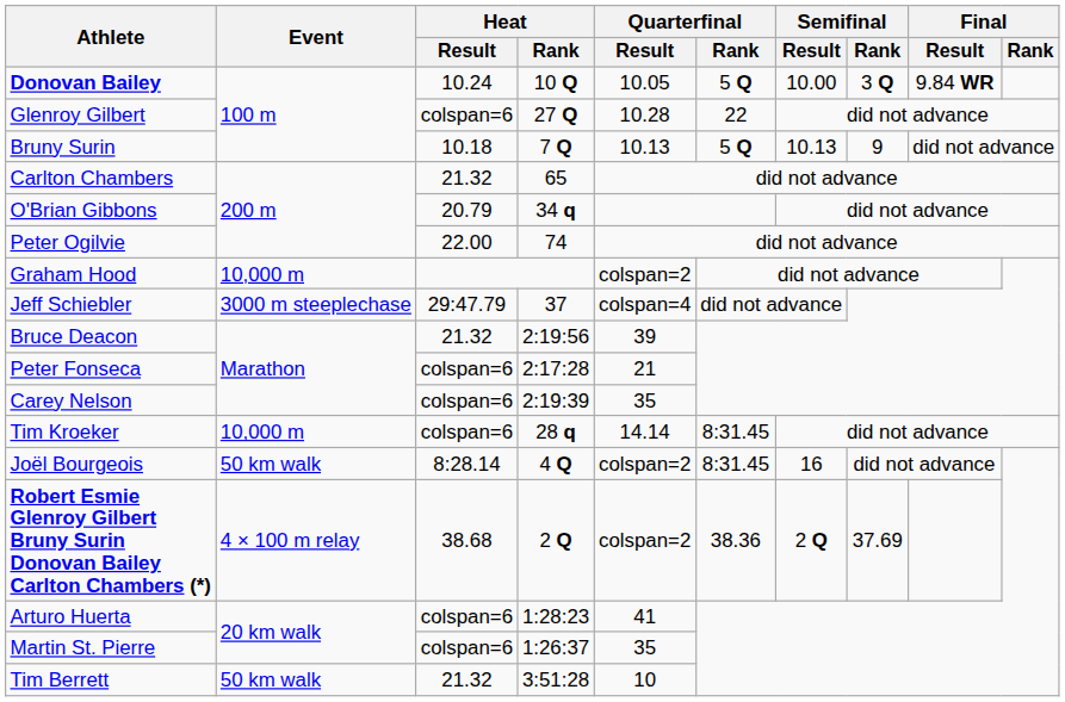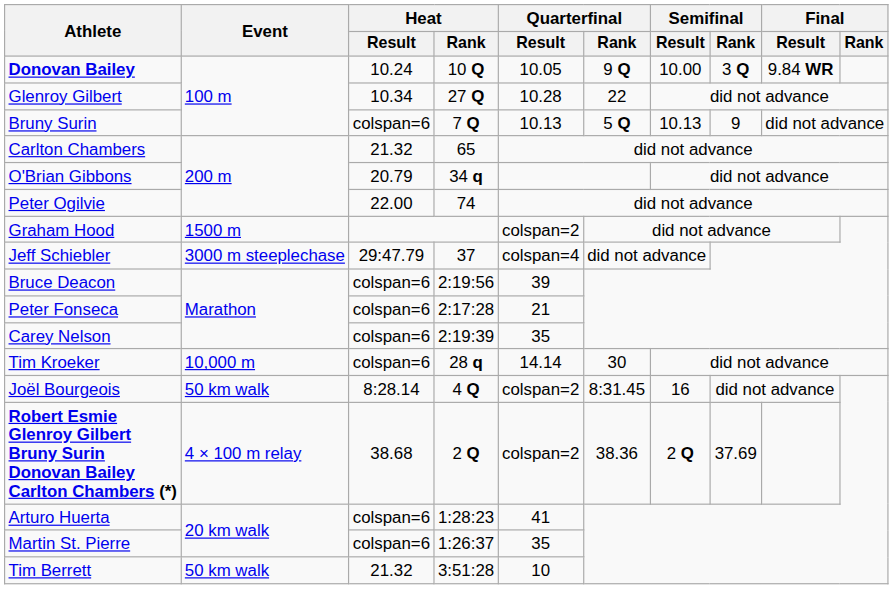 <table class="wikitable" style="font-size:90%">
 <tr>
 <th rowspan="2">Athlete</th>
 <th rowspan="2">Event</th>
 <th colspan="2">Heat</th>
 <th colspan="2">Quarterfinal</th>
 <th colspan="2">Semifinal</th>
 <th colspan="2">Final</th>
 </tr>
 <tr style="font-size:95%">
 <th>Result</th>
 <th>Rank</th>
 <th>Result</th>
 <th>Rank</th>
 <th>Result</th>
 <th>Rank</th>
 <th>Result</th>
 <th>Rank</th>
 </tr>
 <tr align=center>
 <td align=left><strong><a href='#'>Donovan Bailey</a></strong></td>
 <td rowspan=3 align=left><a href='#'>100 m</a></td>
 <td>10.24</td>
 <td>10 <strong>Q</strong></td>
 <td>10.05</td>
-<td>5 <strong>Q</strong></td>
+<td>9 <strong>Q</strong></td>
 <td>10.00</td>
 <td>3 <strong>Q</strong></td>
 <td>9.84 <strong>WR</strong></td>
 <td></td>
 </tr>
 <tr align=center>
 <td align=left><a href='#'>Glenroy Gilbert</a></td>
-<td>colspan=6 </td>
+<td>10.34</td>
 <td>27 <strong>Q</strong></td>
 <td>10.28</td>
 <td>22</td>
 <td colspan=4>did not advance</td>
 </tr>
 <tr align=center>
 <td align=left><a href='#'>Bruny Surin</a></td>
-<td>10.18</td>
+<td>colspan=6 </td>
 <td>7 <strong>Q</strong></td>
 <td>10.13</td>
 <td>5 <strong>Q</strong></td>
 <td>10.13</td>
 <td>9</td>
 <td colspan=2>did not advance</td>
 </tr>
 <tr align=center>
 <td align=left><a href='#'>Carlton Chambers</a></td>
 <td rowspan=3 align=left><a href='#'>200 m</a></td>
 <td>21.32</td>
 <td>65</td>
 <td colspan=6>did not advance</td>
 </tr>
 <tr align=center>
 <td align=left><a href='#'>O'Brian Gibbons</a></td>
 <td>20.79</td>
 <td>34 <strong>q</strong></td>
 <td colspan=2></td>
 <td colspan=4>did not advance</td>
 </tr>
 <tr align=center>
 <td align=left><a href='#'>Peter Ogilvie</a></td>
 <td>22.00</td>
 <td>74</td>
 <td colspan=6>did not advance</td>
 </tr>
 <tr align=center>
 <td align=left><a href='#'>Graham Hood</a></td>
-<td align=left><a href='#'>10,000 m</a></td>
+<td align=left><a href='#'>1500 m</a></td>
 <td colspan=2></td>
 <td>colspan=2 </td>
 <td colspan=4>did not advance</td>
 </tr>
 <tr align=center>
 <td align=left><a href='#'>Jeff Schiebler</a></td>
 <td align=left><a href='#'>3000 m steeplechase</a></td>
 <td>29:47.79</td>
 <td>37</td>
 <td>colspan=4 </td>
 <td colspan=2>did not advance</td>
 </tr>
 <tr align=center>
 <td align=left><a href='#'>Bruce Deacon</a></td>
 <td rowspan=3 align=left><a href='#'>Marathon</a></td>
-<td>21.32</td>
+<td>colspan=6 </td>
 <td>2:19:56</td>
 <td>39</td>
 </tr>
 <tr align=center>
 <td align=left><a href='#'>Peter Fonseca</a></td>
 <td>colspan=6 </td>
 <td>2:17:28</td>
 <td>21</td>
 </tr>
 <tr align=center>
 <td align=left><a href='#'>Carey Nelson</a></td>
 <td>colspan=6 </td>
 <td>2:19:39</td>
 <td>35</td>
 </tr>
 <tr align=center>
 <td align=left><a href='#'>Tim Kroeker</a></td>
 <td align=left><a href='#'>10,000 m</a></td>
 <td>colspan=6 </td>
 <td>28 <strong>q</strong></td>
 <td>14.14</td>
-<td>8:31.45</td>
+<td>30</td>
 <td colspan=4>did not advance</td>
 </tr>
 <tr align=center>
 <td align=left><a href='#'>Joël Bourgeois</a></td>
 <td align=left><a href='#'>50 km walk</a></td>
 <td>8:28.14</td>
 <td>4 <strong>Q</strong></td>
 <td>colspan=2 </td>
 <td>8:31.45</td>
 <td>16</td>
 <td colspan=2>did not advance</td>
 </tr>
 <tr align=center>
 <td align=left><strong><a href='#'>Robert Esmie</a><br><a href='#'>Glenroy Gilbert</a><br><a href='#'>Bruny Surin</a><br><a href='#'>Donovan Bailey</a><br><a href='#'>Carlton Chambers</a> (*)</strong></td>
 <td align=left><a href='#'>4 × 100 m relay</a></td>
 <td>38.68</td>
 <td>2 <strong>Q</strong></td>
 <td>colspan=2 </td>
 <td>38.36</td>
 <td>2 <strong>Q</strong></td>
 <td>37.69</td>
 <td></td>
 </tr>
 <tr align=center>
 <td align=left><a href='#'>Arturo Huerta</a></td>
 <td rowspan=2 align=left><a href='#'>20 km walk</a></td>
 <td>colspan=6 </td>
 <td>1:28:23</td>
 <td>41</td>
 </tr>
 <tr align=center>
 <td align=left><a href='#'>Martin St. Pierre</a></td>
 <td>colspan=6 </td>
 <td>1:26:37</td>
 <td>35</td>
 </tr>
 <tr align=center>
 <td align=left><a href='#'>Tim Berrett</a></td>
 <td align=left><a href='#'>50 km walk</a></td>
 <td>21.32</td>
 <td>3:51:28</td>
 <td>10</td>
 </tr>
 </table>
